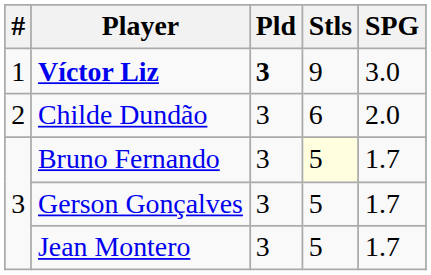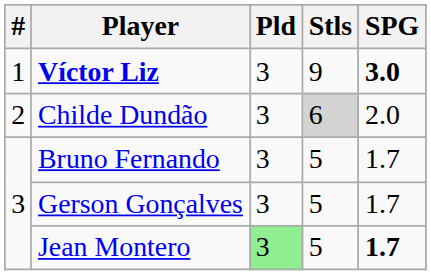 <table class=wikitable width=auto>
 <tr>
 <th>#</th>
 <th>Player</th>
 <th>Pld</th>
 <th>Stls</th>
 <th>SPG</th>
 </tr>
 <tr>
 <td>1</td>
 <td> <strong><a href='#'>Víctor Liz</a></strong></td>
-<td><strong>3</strong></td>
+<td>3</td>
 <td>9</td>
-<td>3.0</td>
+<td><strong>3.0</strong></td>
 </tr>
 <tr>
 <td>2</td>
 <td> <a href='#'>Childe Dundão</a></td>
 <td>3</td>
-<td>6</td>
+<td style="background: lightgrey;">6</td>
 <td>2.0</td>
 </tr>
 <tr>
 <td rowspan=3>3</td>
 <td> <a href='#'>Bruno Fernando</a></td>
 <td>3</td>
-<td style="background: lightyellow;">5</td>
+<td>5</td>
 <td>1.7</td>
 </tr>
 <tr>
 <td> <a href='#'>Gerson Gonçalves</a></td>
 <td>3</td>
 <td>5</td>
 <td>1.7</td>
 </tr>
 <tr>
 <td> <a href='#'>Jean Montero</a></td>
-<td>3</td>
+<td style="background: lightgreen;">3</td>
 <td>5</td>
-<td>1.7</td>
+<td><strong>1.7</strong></td>
 </tr>
 </table>
